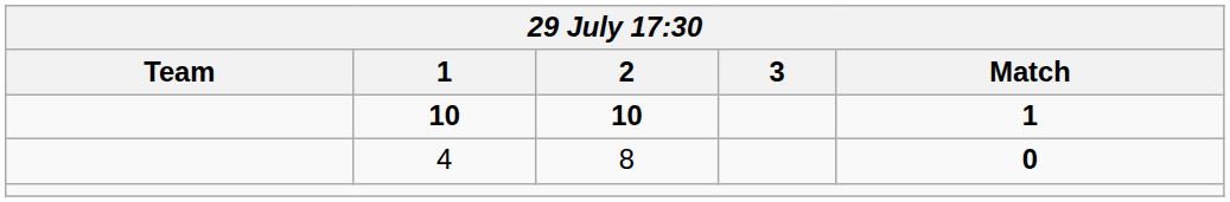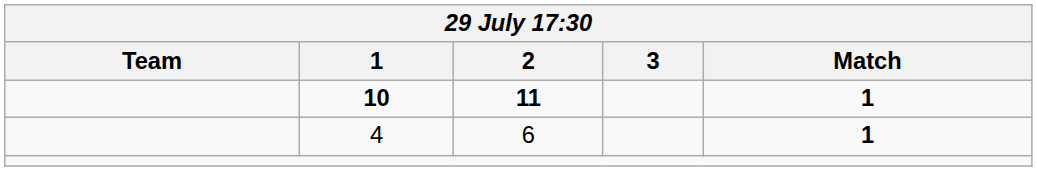 <table class=wikitable style="text-align:center; width: 55%">
 <tr>
 <th colspan=10><em>29 July 17:30</em></th>
 </tr>
 <tr>
 <th>Team</th>
 <th>1</th>
 <th>2</th>
 <th>3</th>
 <th>Match</th>
 </tr>
 <tr>
 <td align=left><strong><br></strong></td>
 <td><strong>10</strong></td>
-<td><strong>10</strong></td>
+<td><strong>11</strong></td>
 <td></td>
 <td><strong>1</strong></td>
 </tr>
 <tr>
 <td align=left><br></td>
 <td>4</td>
-<td>8</td>
+<td>6</td>
 <td></td>
-<td><strong>0</strong></td>
+<td><strong>1</strong></td>
 </tr>
 <tr>
 <td colspan=10></td>
 </tr>
 </table>
